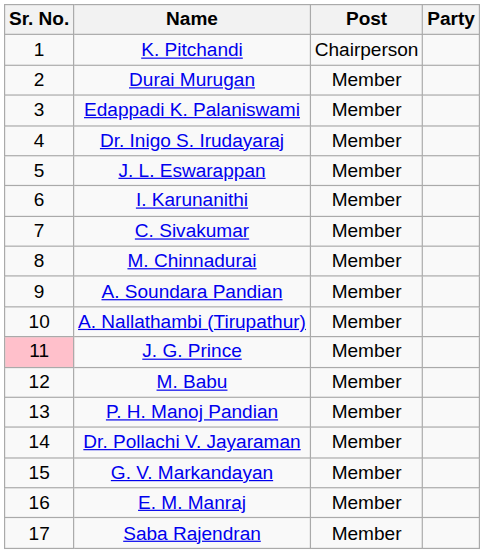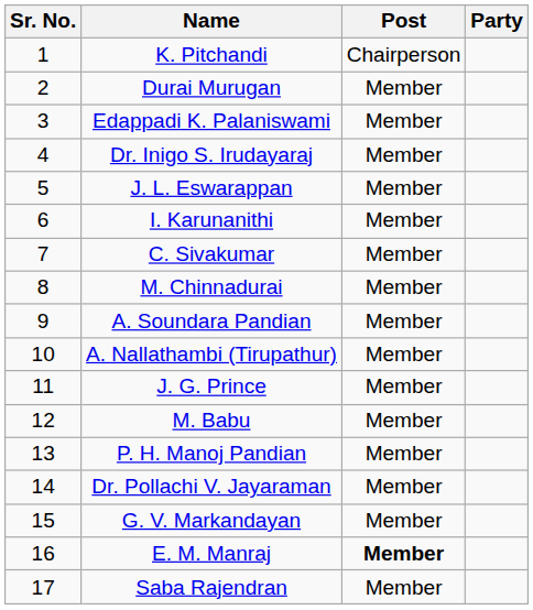 <table class="wikitable sortable">
 <tr>
 <th>Sr. No.</th>
 <th>Name</th>
 <th>Post</th>
 <th colspan="2">Party</th>
 </tr>
 <tr align="center">
 <td>1</td>
 <td><a href='#'>K. Pitchandi</a></td>
 <td>Chairperson</td>
 <td></td>
 </tr>
 <tr align="center">
 <td>2</td>
 <td><a href='#'>Durai Murugan</a></td>
 <td>Member</td>
 <td></td>
 </tr>
 <tr align="center">
 <td>3</td>
 <td><a href='#'>Edappadi K. Palaniswami</a></td>
 <td>Member</td>
 <td></td>
 </tr>
 <tr align="center">
 <td>4</td>
 <td><a href='#'>Dr. Inigo S. Irudayaraj</a></td>
 <td>Member</td>
 <td></td>
 </tr>
 <tr align="center">
 <td>5</td>
 <td><a href='#'>J. L. Eswarappan</a></td>
 <td>Member</td>
 <td></td>
 </tr>
 <tr align="center">
 <td>6</td>
 <td><a href='#'>I. Karunanithi</a></td>
 <td>Member</td>
 <td></td>
 </tr>
 <tr align="center">
 <td>7</td>
 <td><a href='#'>C. Sivakumar</a></td>
 <td>Member</td>
 <td></td>
 </tr>
 <tr align="center">
 <td>8</td>
 <td><a href='#'>M. Chinnadurai</a></td>
 <td>Member</td>
 <td></td>
 </tr>
 <tr align="center">
 <td>9</td>
 <td><a href='#'>A. Soundara Pandian</a></td>
 <td>Member</td>
 <td></td>
 </tr>
 <tr align="center">
 <td>10</td>
 <td><a href='#'>A. Nallathambi (Tirupathur)</a></td>
 <td>Member</td>
 <td></td>
 </tr>
 <tr align="center">
-<td style="background: pink;">11</td>
+<td>11</td>
 <td><a href='#'>J. G. Prince</a></td>
 <td>Member</td>
 <td></td>
 </tr>
 <tr align="center">
 <td>12</td>
 <td><a href='#'>M. Babu</a></td>
 <td>Member</td>
 <td></td>
 </tr>
 <tr align="center">
 <td>13</td>
 <td><a href='#'>P. H. Manoj Pandian</a></td>
 <td>Member</td>
 <td></td>
 </tr>
 <tr align="center">
 <td>14</td>
 <td><a href='#'>Dr. Pollachi V. Jayaraman</a></td>
 <td>Member</td>
 <td></td>
 </tr>
 <tr align="center">
 <td>15</td>
 <td><a href='#'>G. V. Markandayan</a></td>
 <td>Member</td>
 <td></td>
 </tr>
 <tr align="center">
 <td>16</td>
 <td><a href='#'>E. M. Manraj</a></td>
-<td>Member</td>
+<td><strong>Member</strong></td>
 <td></td>
 </tr>
 <tr align="center">
 <td>17</td>
 <td><a href='#'>Saba Rajendran</a></td>
 <td>Member</td>
 <td></td>
 </tr>
 </table>
